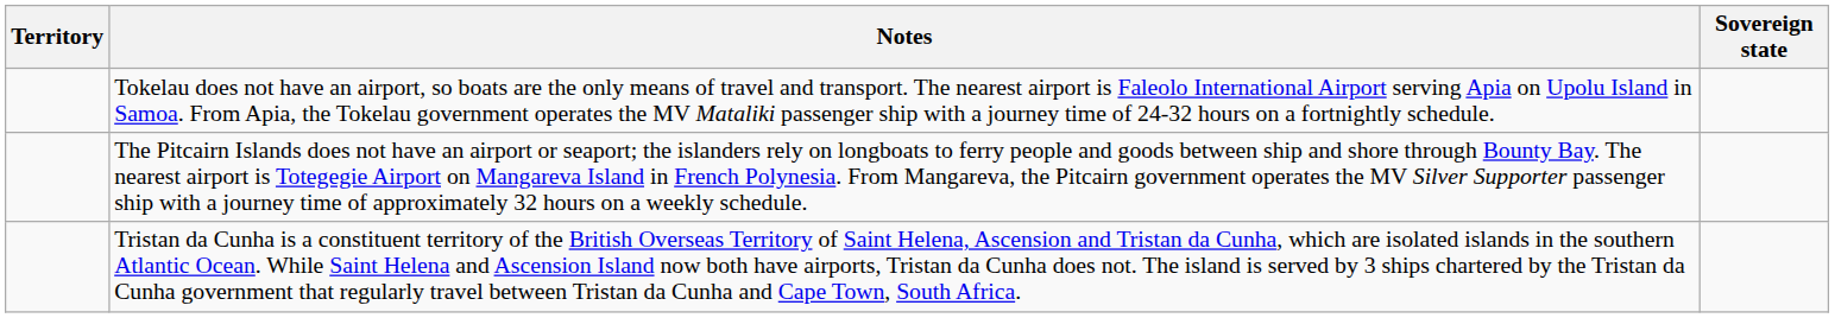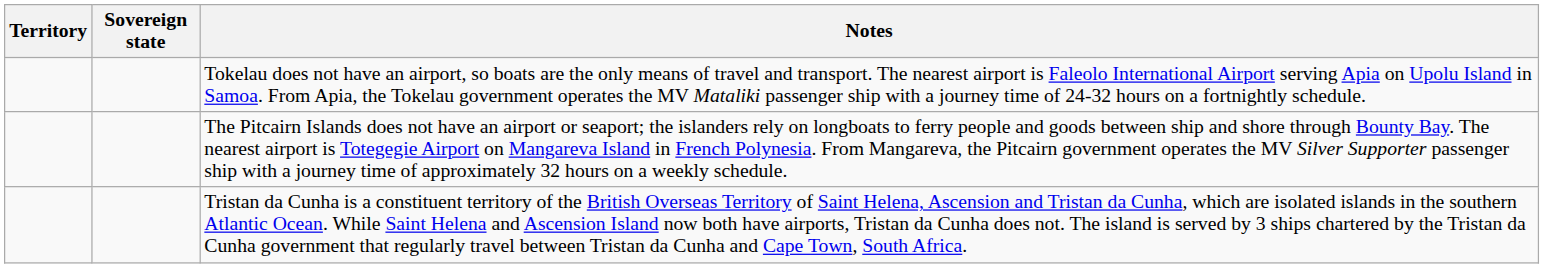 <table class="wikitable">
 <tr>
 <th>Territory</th>
+<th>Sovereign state</th>
 <th>Notes</th>
-<th>Sovereign state</th>
 </tr>
 <tr>
 <td></td>
+<td></td>
 <td>Tokelau does not have an airport, so boats are the only means of travel and transport. The nearest airport is <a href='#'>Faleolo International Airport</a> serving <a href='#'>Apia</a> on <a href='#'>Upolu Island</a> in <a href='#'>Samoa</a>. From Apia, the Tokelau government operates the MV <em>Mataliki</em> passenger ship with a journey time of 24-32 hours on a fortnightly schedule.</td>
-<td></td>
 </tr>
 <tr>
 <td></td>
+<td></td>
 <td>The Pitcairn Islands does not have an airport or seaport; the islanders rely on longboats to ferry people and goods between ship and shore through <a href='#'>Bounty Bay</a>. The nearest airport is <a href='#'>Totegegie Airport</a> on <a href='#'>Mangareva Island</a> in <a href='#'>French Polynesia</a>. From Mangareva, the Pitcairn government operates the MV <em>Silver Supporter</em> passenger ship with a journey time of approximately 32 hours on a weekly schedule.</td>
-<td></td>
 </tr>
 <tr>
 <td></td>
+<td></td>
 <td>Tristan da Cunha is a constituent territory of the <a href='#'>British Overseas Territory</a> of <a href='#'>Saint Helena, Ascension and Tristan da Cunha</a>, which are isolated islands in the southern <a href='#'>Atlantic Ocean</a>. While <a href='#'>Saint Helena</a> and <a href='#'>Ascension Island</a> now both have airports, Tristan da Cunha does not. The island is served by 3 ships chartered by the Tristan da Cunha government that regularly travel between Tristan da Cunha and <a href='#'>Cape Town</a>, <a href='#'>South Africa</a>.</td>
-<td></td>
 </tr>
 </table>
